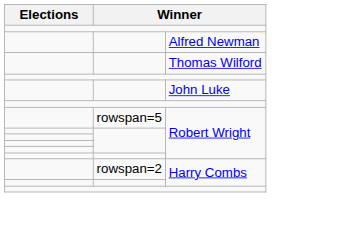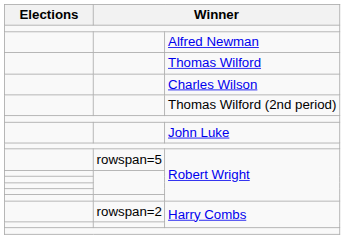 <table class=wikitable>
 <tr>
 <th width=100>Elections</th>
 <th width=200 colspan= 2>Winner</th>
 </tr>
 <tr>
 <td colspan=3 align=center></td>
 </tr>
 <tr>
 <td></td>
 <td></td>
 <td><a href='#'>Alfred Newman</a></td>
 </tr>
 <tr>
 <td></td>
 <td></td>
 <td><a href='#'>Thomas Wilford</a></td>
+</tr>
+<tr>
+<td></td>
+<td></td>
+<td><a href='#'>Charles Wilson</a></td>
+</tr>
+<tr>
+<td></td>
+<td></td>
+<td>Thomas Wilford (2nd period)</td>
 </tr>
 <tr>
 <td colspan=3 align=center></td>
 </tr>
 <tr>
 <td></td>
 <td></td>
 <td><a href='#'>John Luke</a></td>
 </tr>
 <tr>
 <td colspan=3 align=center></td>
 </tr>
 <tr>
 <td></td>
 <td>rowspan=5 </td>
 <td rowspan=6><a href='#'>Robert Wright</a></td>
 </tr>
 <tr>
 <td></td>
 </tr>
 <tr>
 <td></td>
 </tr>
 <tr>
 <td></td>
 </tr>
 <tr>
 <td></td>
 </tr>
 <tr>
 <td></td>
 <td></td>
 </tr>
 <tr>
 <td></td>
 <td>rowspan=2 </td>
 <td rowspan=2><a href='#'>Harry Combs</a></td>
 </tr>
 <tr>
 <td></td>
 </tr>
 <tr>
 <td colspan=3 align=center></td>
 </tr>
 </table>
